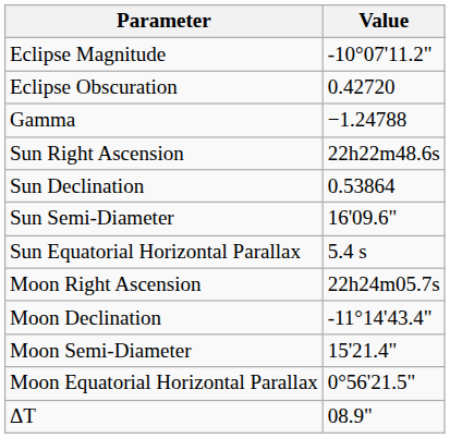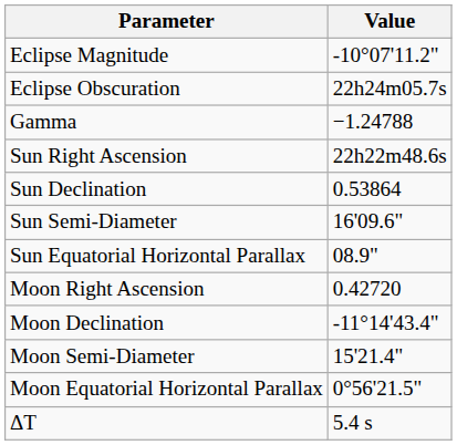 <table class="wikitable">
 <tr>
 <th>Parameter</th>
 <th>Value</th>
 </tr>
 <tr>
 <td>Eclipse Magnitude</td>
 <td>-10°07'11.2"</td>
 </tr>
 <tr>
 <td>Eclipse Obscuration</td>
-<td>0.42720</td>
+<td>22h24m05.7s</td>
 </tr>
 <tr>
 <td>Gamma</td>
 <td>−1.24788</td>
 </tr>
 <tr>
 <td>Sun Right Ascension</td>
 <td>22h22m48.6s</td>
 </tr>
 <tr>
 <td>Sun Declination</td>
 <td>0.53864</td>
 </tr>
 <tr>
 <td>Sun Semi-Diameter</td>
 <td>16'09.6"</td>
 </tr>
 <tr>
 <td>Sun Equatorial Horizontal Parallax</td>
-<td>5.4 s</td>
+<td>08.9"</td>
 </tr>
 <tr>
 <td>Moon Right Ascension</td>
-<td>22h24m05.7s</td>
+<td>0.42720</td>
 </tr>
 <tr>
 <td>Moon Declination</td>
 <td>-11°14'43.4"</td>
 </tr>
 <tr>
 <td>Moon Semi-Diameter</td>
 <td>15'21.4"</td>
 </tr>
 <tr>
 <td>Moon Equatorial Horizontal Parallax</td>
 <td>0°56'21.5"</td>
 </tr>
 <tr>
 <td>ΔT</td>
-<td>08.9"</td>
+<td>5.4 s</td>
 </tr>
 </table>
